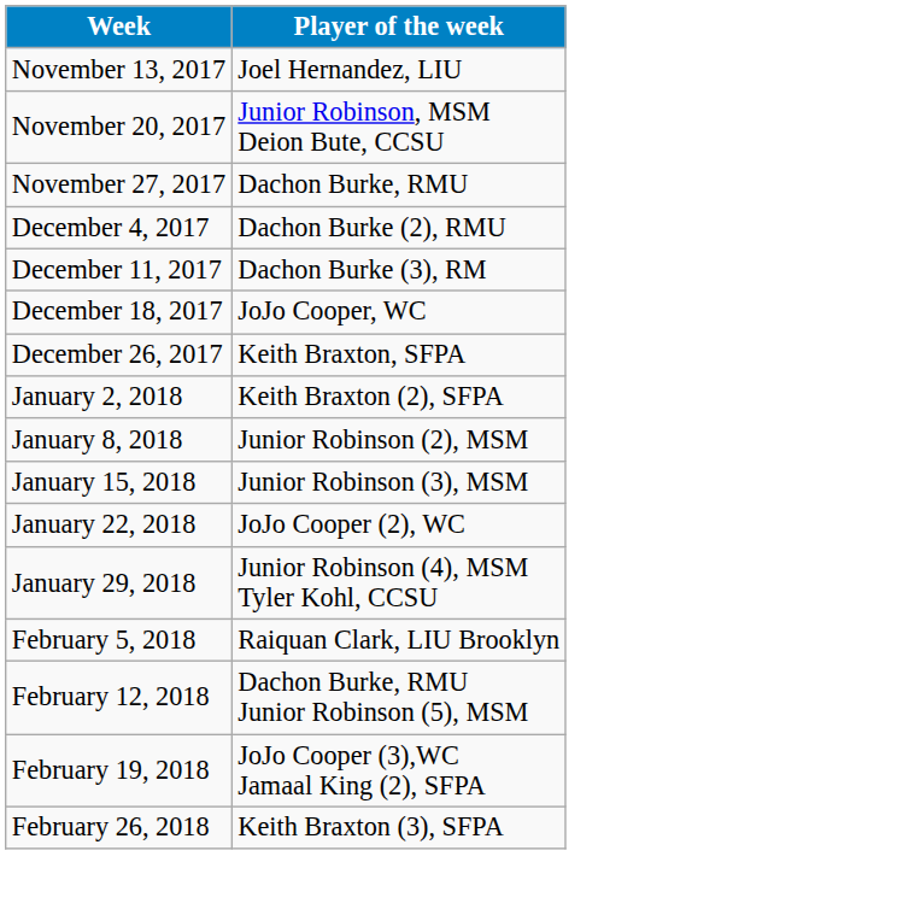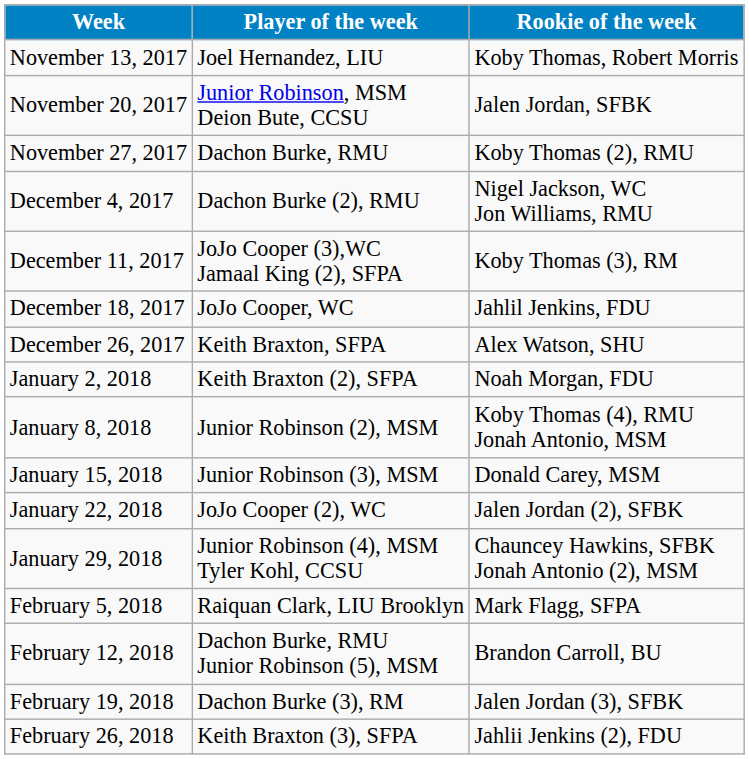 <table class="wikitable" border="1">
 <tr>
 <th align="center" style="background:#0081C4; color:#FFFFFF;">Week</th>
 <th align="center" style="background:#0081C4; color:#FFFFFF;">Player of the week</th>
+<th align="center" style="background:#0081C4; color:#FFFFFF;">Rookie of the week</th>
 </tr>
 <tr>
 <td>November 13, 2017</td>
 <td>Joel Hernandez, LIU</td>
+<td>Koby Thomas, Robert Morris</td>
 </tr>
 <tr>
 <td>November 20, 2017</td>
 <td><a href='#'>Junior Robinson</a>, MSM<br>Deion Bute, CCSU</td>
+<td>Jalen Jordan, SFBK</td>
 </tr>
 <tr>
 <td>November 27, 2017</td>
 <td>Dachon Burke, RMU</td>
+<td>Koby Thomas (2), RMU</td>
 </tr>
 <tr>
 <td>December 4, 2017</td>
 <td>Dachon Burke (2), RMU</td>
+<td>Nigel Jackson, WC<br>Jon Williams, RMU</td>
 </tr>
 <tr>
 <td>December 11, 2017</td>
-<td>Dachon Burke (3), RM</td>
+<td>JoJo Cooper (3),WC<br>Jamaal King (2), SFPA</td>
+<td>Koby Thomas (3), RM</td>
 </tr>
 <tr>
 <td>December 18, 2017</td>
 <td>JoJo Cooper, WC</td>
+<td>Jahlil Jenkins, FDU</td>
 </tr>
 <tr>
 <td>December 26, 2017</td>
 <td>Keith Braxton, SFPA</td>
+<td>Alex Watson, SHU</td>
 </tr>
 <tr>
 <td>January 2, 2018</td>
 <td>Keith Braxton (2), SFPA</td>
+<td>Noah Morgan, FDU</td>
 </tr>
 <tr>
 <td>January 8, 2018</td>
 <td>Junior Robinson (2), MSM</td>
+<td>Koby Thomas (4), RMU<br>Jonah Antonio, MSM</td>
 </tr>
 <tr>
 <td>January 15, 2018</td>
 <td>Junior Robinson (3), MSM</td>
+<td>Donald Carey, MSM</td>
 </tr>
 <tr>
 <td>January 22, 2018</td>
 <td>JoJo Cooper (2), WC</td>
+<td>Jalen Jordan (2), SFBK</td>
 </tr>
 <tr>
 <td>January 29, 2018</td>
 <td>Junior Robinson (4), MSM<br>Tyler Kohl, CCSU</td>
+<td>Chauncey Hawkins, SFBK<br>Jonah Antonio (2), MSM</td>
 </tr>
 <tr>
 <td>February 5, 2018</td>
 <td>Raiquan Clark, LIU Brooklyn</td>
+<td>Mark Flagg, SFPA</td>
 </tr>
 <tr>
 <td>February 12, 2018</td>
 <td>Dachon Burke, RMU<br>Junior Robinson (5), MSM</td>
+<td>Brandon Carroll, BU</td>
 </tr>
 <tr>
 <td>February 19, 2018</td>
-<td>JoJo Cooper (3),WC<br>Jamaal King (2), SFPA</td>
+<td>Dachon Burke (3), RM</td>
+<td>Jalen Jordan (3), SFBK</td>
 </tr>
 <tr>
 <td>February 26, 2018</td>
 <td>Keith Braxton (3), SFPA</td>
+<td>Jahlii Jenkins (2), FDU</td>
 </tr>
 </table>
